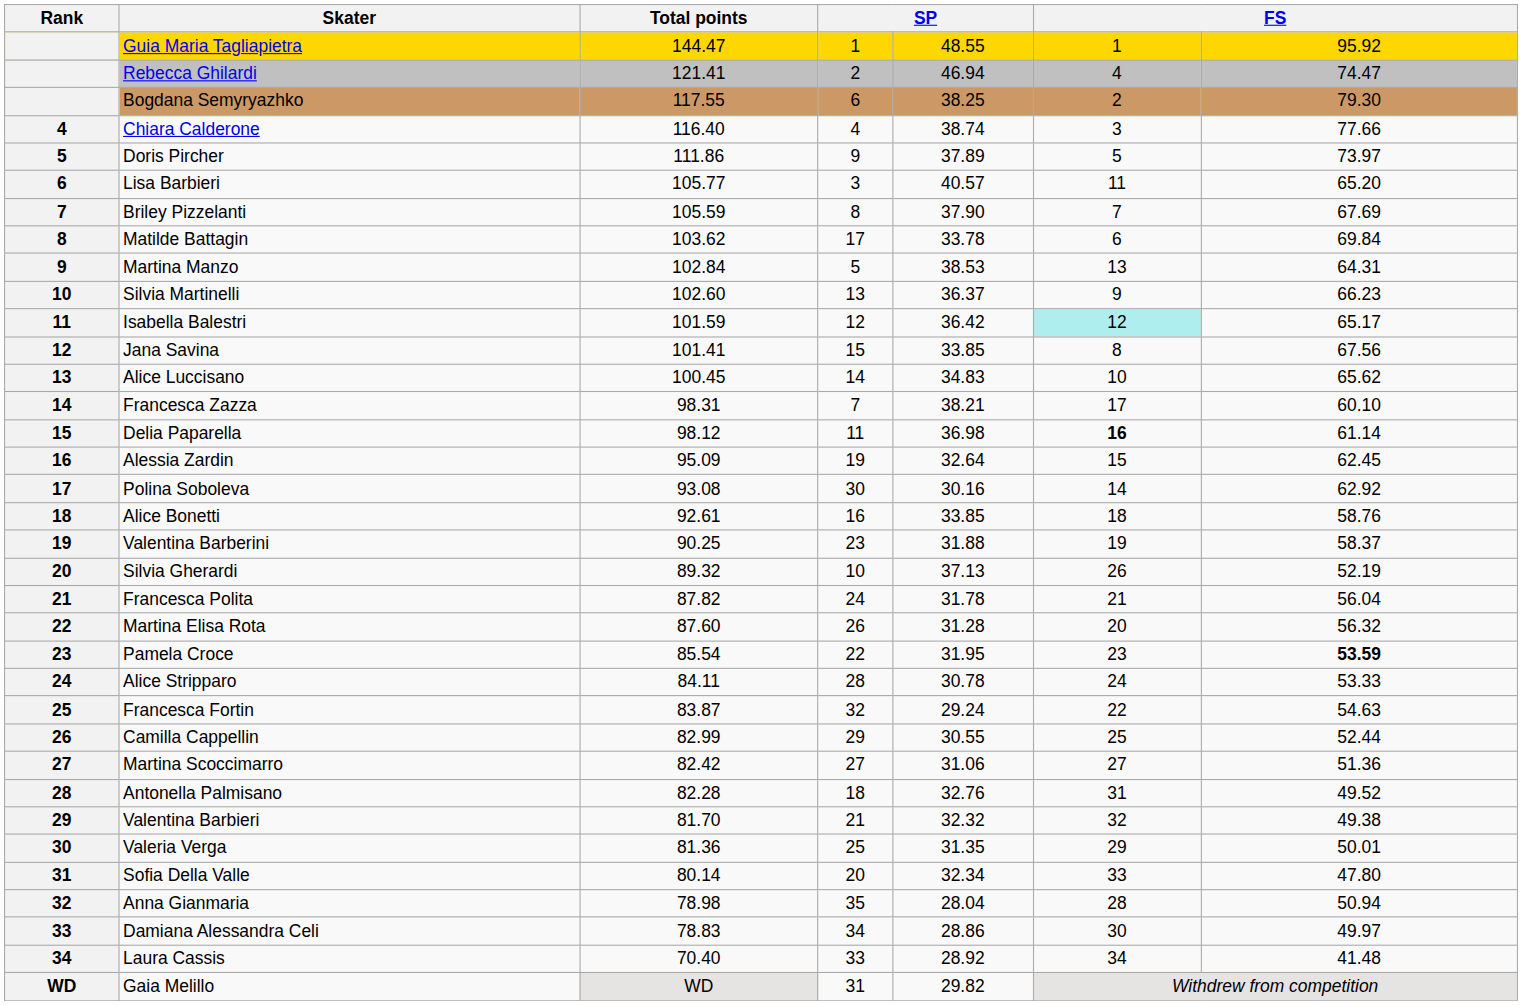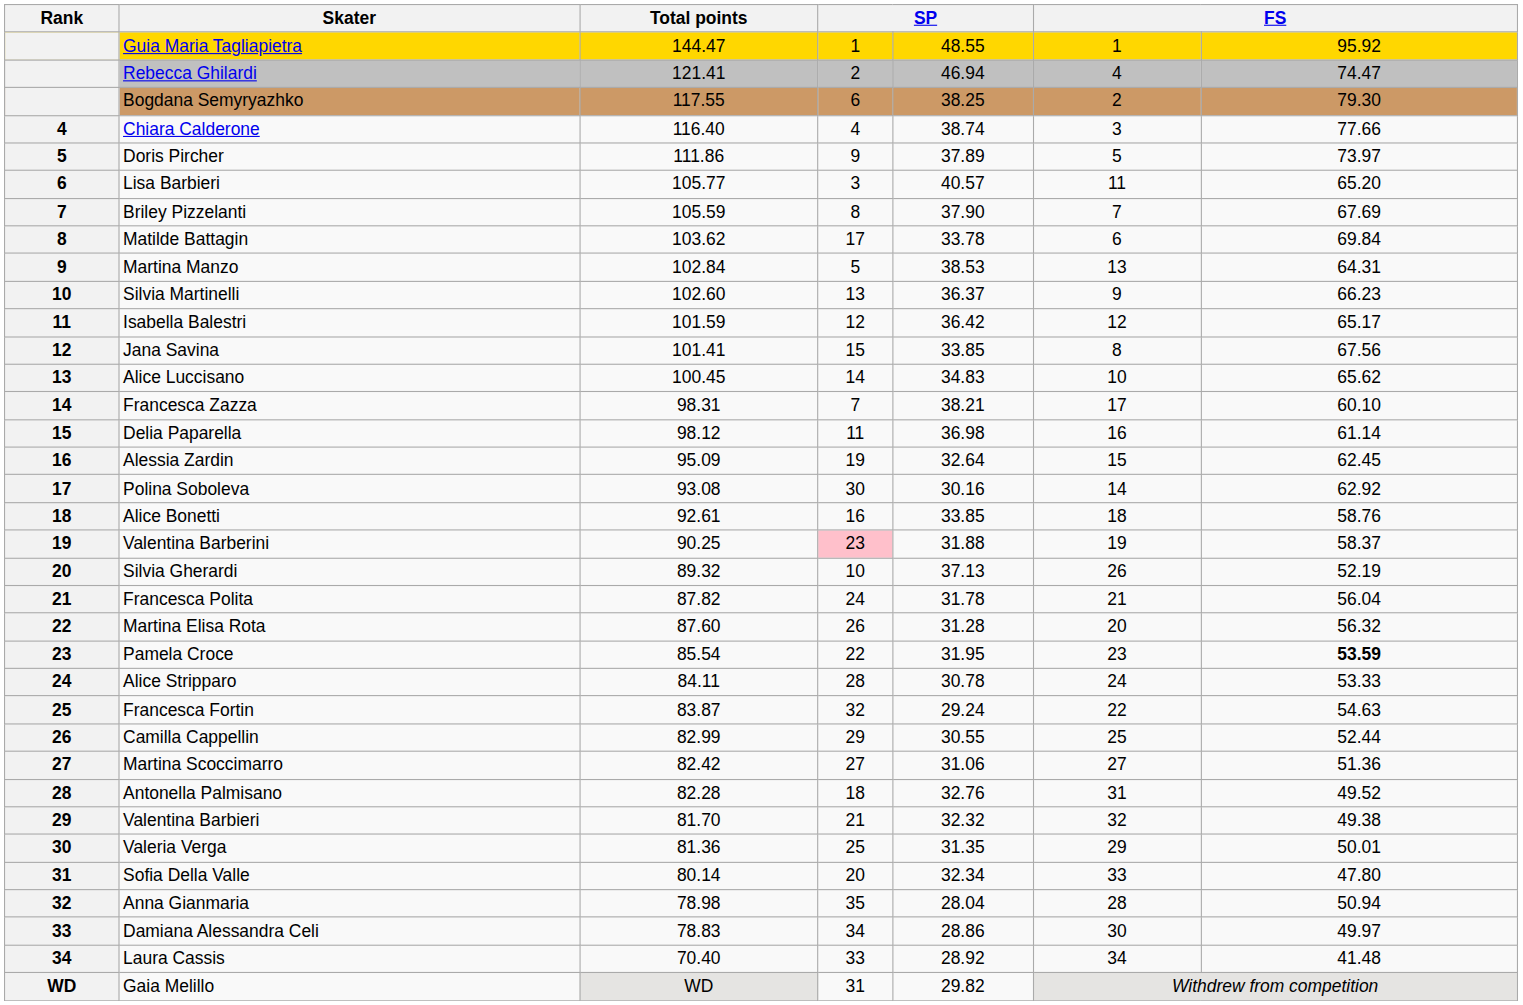 <table class="wikitable sortable" style="text-align:left;" width="70%">
 <tr>
 <th scope="col">Rank</th>
 <th scope="col">Skater</th>
 <th scope="col">Total points</th>
 <th scope="col" colspan="2" width="80px"><a href='#'>SP</a></th>
 <th scope="col" colspan="2" width="80px"><a href='#'>FS</a></th>
 </tr>
 <tr bgcolor="gold">
 <th scope="row"></th>
 <td><a href='#'>Guia Maria Tagliapietra</a></td>
 <td style="text-align: center;">144.47</td>
 <td style="text-align: center;">1</td>
 <td style="text-align: center;">48.55</td>
 <td style="text-align: center;">1</td>
 <td style="text-align: center;">95.92</td>
 </tr>
 <tr bgcolor="silver">
 <th scope="row"></th>
 <td><a href='#'>Rebecca Ghilardi</a></td>
 <td style="text-align: center;">121.41</td>
 <td style="text-align: center;">2</td>
 <td style="text-align: center;">46.94</td>
 <td style="text-align: center;">4</td>
 <td style="text-align: center;">74.47</td>
 </tr>
 <tr bgcolor="cc9966">
 <th scope="row"></th>
 <td>Bogdana Semyryazhko</td>
 <td style="text-align: center;">117.55</td>
 <td style="text-align: center;">6</td>
 <td style="text-align: center;">38.25</td>
 <td style="text-align: center;">2</td>
 <td style="text-align: center;">79.30</td>
 </tr>
 <tr>
 <th scope="row">4</th>
 <td><a href='#'>Chiara Calderone</a></td>
 <td style="text-align: center;">116.40</td>
 <td style="text-align: center;">4</td>
 <td style="text-align: center;">38.74</td>
 <td style="text-align: center;">3</td>
 <td style="text-align: center;">77.66</td>
 </tr>
 <tr>
 <th scope="row">5</th>
 <td>Doris Pircher</td>
 <td style="text-align: center;">111.86</td>
 <td style="text-align: center;">9</td>
 <td style="text-align: center;">37.89</td>
 <td style="text-align: center;">5</td>
 <td style="text-align: center;">73.97</td>
 </tr>
 <tr>
 <th scope="row">6</th>
 <td>Lisa Barbieri</td>
 <td style="text-align: center;">105.77</td>
 <td style="text-align: center;">3</td>
 <td style="text-align: center;">40.57</td>
 <td style="text-align: center;">11</td>
 <td style="text-align: center;">65.20</td>
 </tr>
 <tr>
 <th scope="row">7</th>
 <td>Briley Pizzelanti</td>
 <td style="text-align: center;">105.59</td>
 <td style="text-align: center;">8</td>
 <td style="text-align: center;">37.90</td>
 <td style="text-align: center;">7</td>
 <td style="text-align: center;">67.69</td>
 </tr>
 <tr>
 <th scope="row">8</th>
 <td>Matilde Battagin</td>
 <td style="text-align: center;">103.62</td>
 <td style="text-align: center;">17</td>
 <td style="text-align: center;">33.78</td>
 <td style="text-align: center;">6</td>
 <td style="text-align: center;">69.84</td>
 </tr>
 <tr>
 <th scope="row">9</th>
 <td>Martina Manzo</td>
 <td style="text-align: center;">102.84</td>
 <td style="text-align: center;">5</td>
 <td style="text-align: center;">38.53</td>
 <td style="text-align: center;">13</td>
 <td style="text-align: center;">64.31</td>
 </tr>
 <tr>
 <th scope="row">10</th>
 <td>Silvia Martinelli</td>
 <td style="text-align: center;">102.60</td>
 <td style="text-align: center;">13</td>
 <td style="text-align: center;">36.37</td>
 <td style="text-align: center;">9</td>
 <td style="text-align: center;">66.23</td>
 </tr>
 <tr>
 <th scope="row">11</th>
 <td>Isabella Balestri</td>
 <td style="text-align: center;">101.59</td>
 <td style="text-align: center;">12</td>
 <td style="text-align: center;">36.42</td>
-<td style="background: paleturquoise; text-align: center;">12</td>
+<td style="text-align: center;">12</td>
 <td style="text-align: center;">65.17</td>
 </tr>
 <tr>
 <th scope="row">12</th>
 <td>Jana Savina</td>
 <td style="text-align: center;">101.41</td>
 <td style="text-align: center;">15</td>
 <td style="text-align: center;">33.85</td>
 <td style="text-align: center;">8</td>
 <td style="text-align: center;">67.56</td>
 </tr>
 <tr>
 <th scope="row">13</th>
 <td>Alice Luccisano</td>
 <td style="text-align: center;">100.45</td>
 <td style="text-align: center;">14</td>
 <td style="text-align: center;">34.83</td>
 <td style="text-align: center;">10</td>
 <td style="text-align: center;">65.62</td>
 </tr>
 <tr>
 <th scope="row">14</th>
 <td>Francesca Zazza</td>
 <td style="text-align: center;">98.31</td>
 <td style="text-align: center;">7</td>
 <td style="text-align: center;">38.21</td>
 <td style="text-align: center;">17</td>
 <td style="text-align: center;">60.10</td>
 </tr>
 <tr>
 <th scope="row">15</th>
 <td>Delia Paparella</td>
 <td style="text-align: center;">98.12</td>
 <td style="text-align: center;">11</td>
 <td style="text-align: center;">36.98</td>
-<td style="text-align: center;"><strong>16</strong></td>
+<td style="text-align: center;">16</td>
 <td style="text-align: center;">61.14</td>
 </tr>
 <tr>
 <th scope="row">16</th>
 <td>Alessia Zardin</td>
 <td style="text-align: center;">95.09</td>
 <td style="text-align: center;">19</td>
 <td style="text-align: center;">32.64</td>
 <td style="text-align: center;">15</td>
 <td style="text-align: center;">62.45</td>
 </tr>
 <tr>
 <th scope="row">17</th>
 <td>Polina Soboleva</td>
 <td style="text-align: center;">93.08</td>
 <td style="text-align: center;">30</td>
 <td style="text-align: center;">30.16</td>
 <td style="text-align: center;">14</td>
 <td style="text-align: center;">62.92</td>
 </tr>
 <tr>
 <th scope="row">18</th>
 <td>Alice Bonetti</td>
 <td style="text-align: center;">92.61</td>
 <td style="text-align: center;">16</td>
 <td style="text-align: center;">33.85</td>
 <td style="text-align: center;">18</td>
 <td style="text-align: center;">58.76</td>
 </tr>
 <tr>
 <th scope="row">19</th>
 <td>Valentina Barberini</td>
 <td style="text-align: center;">90.25</td>
-<td style="text-align: center;">23</td>
+<td style="background: pink; text-align: center;">23</td>
 <td style="text-align: center;">31.88</td>
 <td style="text-align: center;">19</td>
 <td style="text-align: center;">58.37</td>
 </tr>
 <tr>
 <th scope="row">20</th>
 <td>Silvia Gherardi</td>
 <td style="text-align: center;">89.32</td>
 <td style="text-align: center;">10</td>
 <td style="text-align: center;">37.13</td>
 <td style="text-align: center;">26</td>
 <td style="text-align: center;">52.19</td>
 </tr>
 <tr>
 <th scope="row">21</th>
 <td>Francesca Polita</td>
 <td style="text-align: center;">87.82</td>
 <td style="text-align: center;">24</td>
 <td style="text-align: center;">31.78</td>
 <td style="text-align: center;">21</td>
 <td style="text-align: center;">56.04</td>
 </tr>
 <tr>
 <th scope="row">22</th>
 <td>Martina Elisa Rota</td>
 <td style="text-align: center;">87.60</td>
 <td style="text-align: center;">26</td>
 <td style="text-align: center;">31.28</td>
 <td style="text-align: center;">20</td>
 <td style="text-align: center;">56.32</td>
 </tr>
 <tr>
 <th scope="row">23</th>
 <td>Pamela Croce</td>
 <td style="text-align: center;">85.54</td>
 <td style="text-align: center;">22</td>
 <td style="text-align: center;">31.95</td>
 <td style="text-align: center;">23</td>
 <td style="text-align: center;"><strong>53.59</strong></td>
 </tr>
 <tr>
 <th scope="row">24</th>
 <td>Alice Stripparo</td>
 <td style="text-align: center;">84.11</td>
 <td style="text-align: center;">28</td>
 <td style="text-align: center;">30.78</td>
 <td style="text-align: center;">24</td>
 <td style="text-align: center;">53.33</td>
 </tr>
 <tr>
 <th scope="row">25</th>
 <td>Francesca Fortin</td>
 <td style="text-align: center;">83.87</td>
 <td style="text-align: center;">32</td>
 <td style="text-align: center;">29.24</td>
 <td style="text-align: center;">22</td>
 <td style="text-align: center;">54.63</td>
 </tr>
 <tr>
 <th scope="row">26</th>
 <td>Camilla Cappellin</td>
 <td style="text-align: center;">82.99</td>
 <td style="text-align: center;">29</td>
 <td style="text-align: center;">30.55</td>
 <td style="text-align: center;">25</td>
 <td style="text-align: center;">52.44</td>
 </tr>
 <tr>
 <th scope="row">27</th>
 <td>Martina Scoccimarro</td>
 <td style="text-align: center;">82.42</td>
 <td style="text-align: center;">27</td>
 <td style="text-align: center;">31.06</td>
 <td style="text-align: center;">27</td>
 <td style="text-align: center;">51.36</td>
 </tr>
 <tr>
 <th>28</th>
 <td>Antonella Palmisano</td>
 <td style="text-align: center;">82.28</td>
 <td style="text-align: center;">18</td>
 <td style="text-align: center;">32.76</td>
 <td style="text-align: center;">31</td>
 <td style="text-align: center;">49.52</td>
 </tr>
 <tr>
 <th scope="row">29</th>
 <td>Valentina Barbieri</td>
 <td style="text-align: center;">81.70</td>
 <td style="text-align: center;">21</td>
 <td style="text-align: center;">32.32</td>
 <td style="text-align: center;">32</td>
 <td style="text-align: center;">49.38</td>
 </tr>
 <tr>
 <th scope="row">30</th>
 <td>Valeria Verga</td>
 <td style="text-align: center;">81.36</td>
 <td style="text-align: center;">25</td>
 <td style="text-align: center;">31.35</td>
 <td style="text-align: center;">29</td>
 <td style="text-align: center;">50.01</td>
 </tr>
 <tr>
 <th scope="row">31</th>
 <td>Sofia Della Valle</td>
 <td style="text-align: center;">80.14</td>
 <td style="text-align: center;">20</td>
 <td style="text-align: center;">32.34</td>
 <td style="text-align: center;">33</td>
 <td style="text-align: center;">47.80</td>
 </tr>
 <tr>
 <th scope="row">32</th>
 <td>Anna Gianmaria</td>
 <td style="text-align: center;">78.98</td>
 <td style="text-align: center;">35</td>
 <td style="text-align: center;">28.04</td>
 <td style="text-align: center;">28</td>
 <td style="text-align: center;">50.94</td>
 </tr>
 <tr>
 <th scope="row">33</th>
 <td>Damiana Alessandra Celi</td>
 <td style="text-align: center;">78.83</td>
 <td style="text-align: center;">34</td>
 <td style="text-align: center;">28.86</td>
 <td style="text-align: center;">30</td>
 <td style="text-align: center;">49.97</td>
 </tr>
 <tr>
 <th scope="row">34</th>
 <td>Laura Cassis</td>
 <td style="text-align: center;">70.40</td>
 <td style="text-align: center;">33</td>
 <td style="text-align: center;">28.92</td>
 <td style="text-align: center;">34</td>
 <td style="text-align: center;">41.48</td>
 </tr>
 <tr>
 <th scope="row">WD</th>
 <td>Gaia Melillo</td>
 <td align="center" bgcolor="e5e4e2">WD</td>
 <td style="text-align: center;">31</td>
 <td style="text-align: center;">29.82</td>
 <td colspan="2" align="center" bgcolor="e5e4e2"><em>Withdrew from competition</em></td>
 </tr>
 </table>
